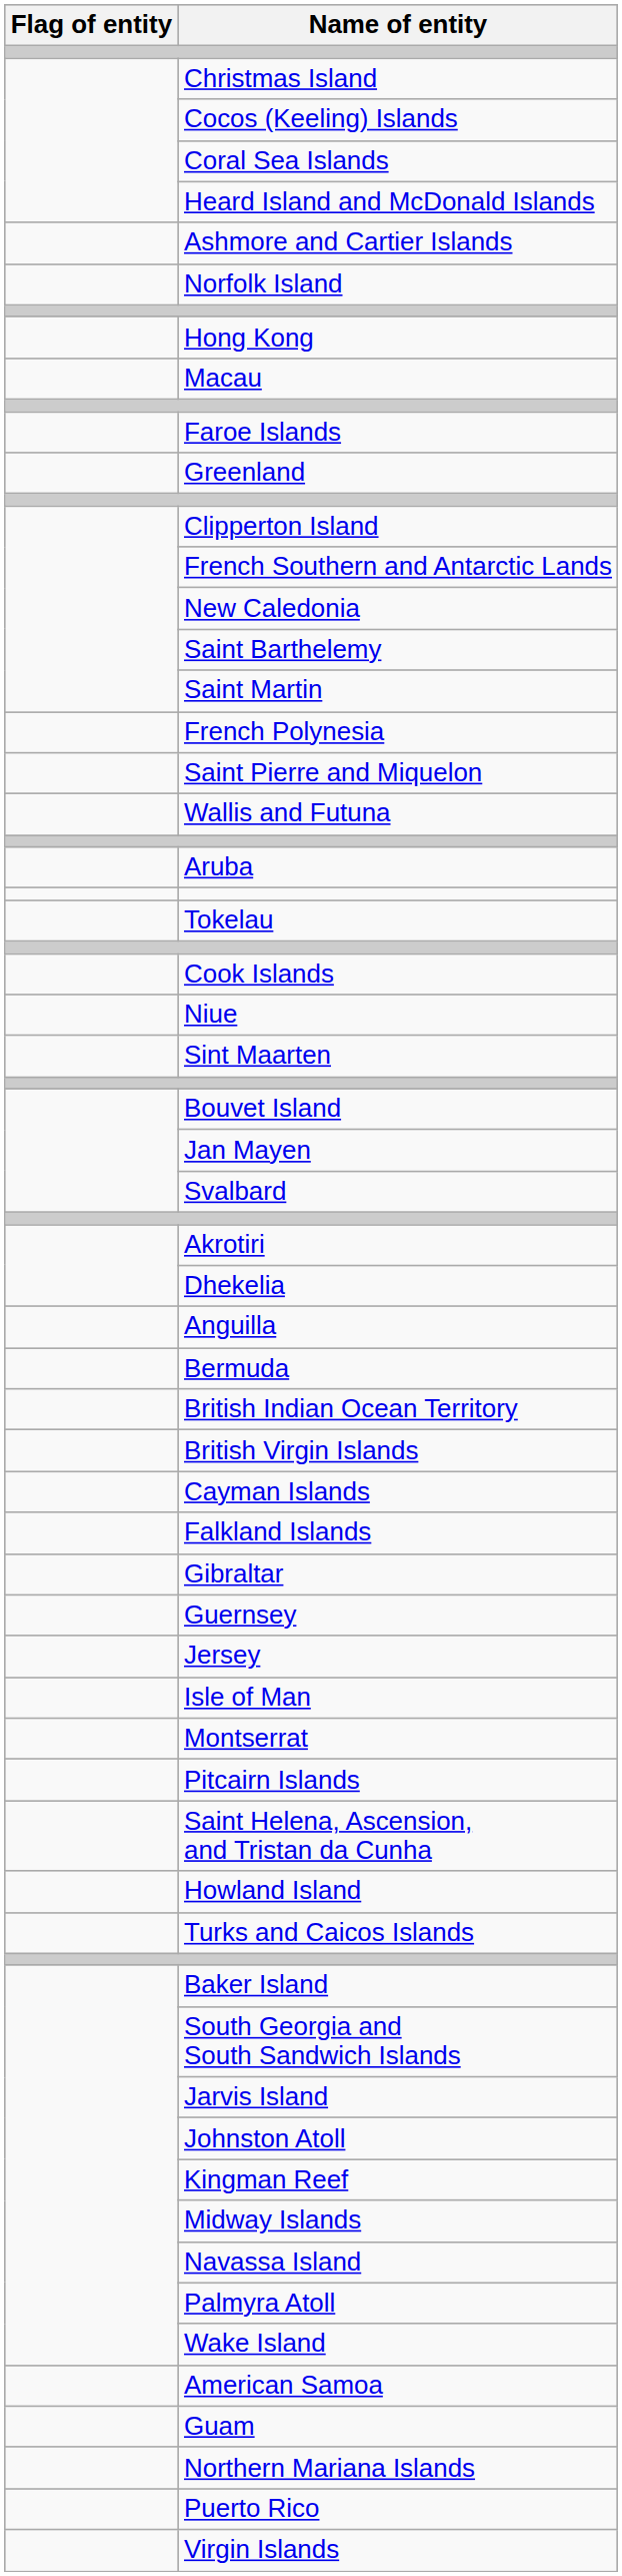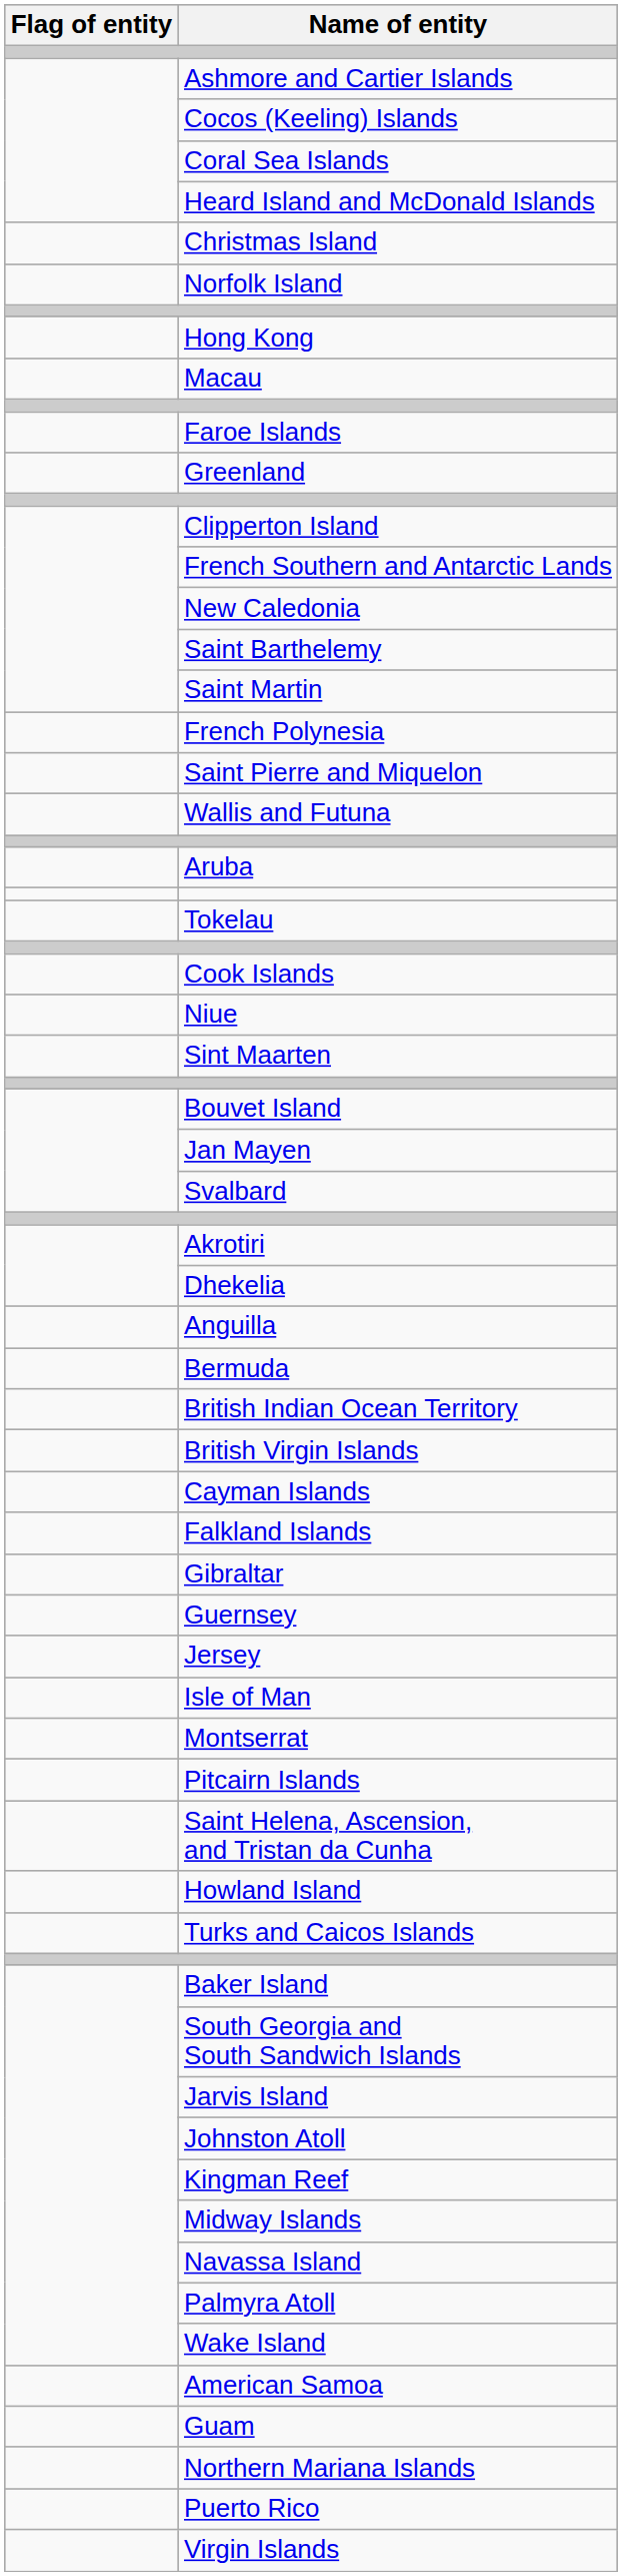 <table class="wikitable">
 <tr>
 <th>Flag of entity</th>
 <th>Name of entity</th>
 </tr>
 <tr>
 <td colspan=2 bgcolor="#cccccc"></td>
 </tr>
 <tr>
 <td rowspan=4></td>
-<td><a href='#'>Christmas Island</a></td>
+<td><a href='#'>Ashmore and Cartier Islands</a></td>
 </tr>
 <tr>
 <td><a href='#'>Cocos (Keeling) Islands</a></td>
 </tr>
 <tr>
 <td><a href='#'>Coral Sea Islands</a></td>
 </tr>
 <tr>
 <td><a href='#'>Heard Island and McDonald Islands</a></td>
 </tr>
 <tr>
 <td></td>
-<td><a href='#'>Ashmore and Cartier Islands</a></td>
+<td><a href='#'>Christmas Island</a></td>
 </tr>
 <tr>
 <td></td>
 <td><a href='#'>Norfolk Island</a></td>
 </tr>
 <tr>
 <td colspan=2 bgcolor="#cccccc"></td>
 </tr>
 <tr>
 <td></td>
 <td><a href='#'>Hong Kong</a></td>
 </tr>
 <tr>
 <td></td>
 <td><a href='#'>Macau</a></td>
 </tr>
 <tr>
 <td colspan=2 bgcolor="#cccccc"></td>
 </tr>
 <tr>
 <td></td>
 <td><a href='#'>Faroe Islands</a></td>
 </tr>
 <tr>
 <td></td>
 <td><a href='#'>Greenland</a></td>
 </tr>
 <tr>
 <td colspan=2 bgcolor="#cccccc"></td>
 </tr>
 <tr>
 <td rowspan=5></td>
 <td><a href='#'>Clipperton Island</a></td>
 </tr>
 <tr>
 <td><a href='#'>French Southern and Antarctic Lands</a></td>
 </tr>
 <tr>
 <td><a href='#'>New Caledonia</a></td>
 </tr>
 <tr>
 <td><a href='#'>Saint Barthelemy</a></td>
 </tr>
 <tr>
 <td><a href='#'>Saint Martin</a></td>
 </tr>
 <tr>
 <td></td>
 <td><a href='#'>French Polynesia</a></td>
 </tr>
 <tr>
 <td></td>
 <td><a href='#'>Saint Pierre and Miquelon</a></td>
 </tr>
 <tr>
 <td></td>
 <td><a href='#'>Wallis and Futuna</a></td>
 </tr>
 <tr>
 <td colspan=2 bgcolor="#cccccc"></td>
 </tr>
 <tr>
 <td></td>
 <td><a href='#'>Aruba</a></td>
 </tr>
 <tr>
 <td></td>
 <td><a href='#'></a></td>
 </tr>
 <tr>
 <td></td>
 <td><a href='#'>Tokelau</a></td>
 </tr>
 <tr>
 <td colspan=2 bgcolor="#cccccc"></td>
 </tr>
 <tr>
 <td></td>
 <td><a href='#'>Cook Islands</a></td>
 </tr>
 <tr>
 <td></td>
 <td><a href='#'>Niue</a></td>
 </tr>
 <tr>
 <td></td>
 <td><a href='#'>Sint Maarten</a></td>
 </tr>
 <tr>
 <td colspan=2 bgcolor="#cccccc"></td>
 </tr>
 <tr>
 <td rowspan=3></td>
 <td><a href='#'>Bouvet Island</a></td>
 </tr>
 <tr>
 <td><a href='#'>Jan Mayen</a></td>
 </tr>
 <tr>
 <td><a href='#'>Svalbard</a></td>
 </tr>
 <tr>
 <td colspan=2 bgcolor="#cccccc"></td>
 </tr>
 <tr>
 <td rowspan=2></td>
 <td><a href='#'>Akrotiri</a></td>
 </tr>
 <tr>
 <td><a href='#'>Dhekelia</a></td>
 </tr>
 <tr>
 <td></td>
 <td><a href='#'>Anguilla</a></td>
 </tr>
 <tr>
 <td></td>
 <td><a href='#'>Bermuda</a></td>
 </tr>
 <tr>
 <td></td>
 <td><a href='#'>British Indian Ocean Territory</a></td>
 </tr>
 <tr>
 <td></td>
 <td><a href='#'>British Virgin Islands</a></td>
 </tr>
 <tr>
 <td></td>
 <td><a href='#'>Cayman Islands</a></td>
 </tr>
 <tr>
 <td></td>
 <td><a href='#'>Falkland Islands</a></td>
 </tr>
 <tr>
 <td></td>
 <td><a href='#'>Gibraltar</a></td>
 </tr>
 <tr>
 <td></td>
 <td><a href='#'>Guernsey</a></td>
 </tr>
 <tr>
 <td></td>
 <td><a href='#'>Jersey</a></td>
 </tr>
 <tr>
 <td></td>
 <td><a href='#'>Isle of Man</a></td>
 </tr>
 <tr>
 <td></td>
 <td><a href='#'>Montserrat</a></td>
 </tr>
 <tr>
 <td></td>
 <td><a href='#'>Pitcairn Islands</a></td>
 </tr>
 <tr>
 <td></td>
 <td><a href='#'>Saint Helena, Ascension,<br>and Tristan da Cunha</a></td>
 </tr>
 <tr>
 <td></td>
 <td><a href='#'>Howland Island</a></td>
 </tr>
 <tr>
 <td></td>
 <td><a href='#'>Turks and Caicos Islands</a></td>
 </tr>
 <tr>
 <td colspan=2 bgcolor="#cccccc"></td>
 </tr>
 <tr>
 <td rowspan=9></td>
 <td><a href='#'>Baker Island</a></td>
 </tr>
 <tr>
 <td><a href='#'>South Georgia and<br>South Sandwich Islands</a></td>
 </tr>
 <tr>
 <td><a href='#'>Jarvis Island</a></td>
 </tr>
 <tr>
 <td><a href='#'>Johnston Atoll</a></td>
 </tr>
 <tr>
 <td><a href='#'>Kingman Reef</a></td>
 </tr>
 <tr>
 <td><a href='#'>Midway Islands</a></td>
 </tr>
 <tr>
 <td><a href='#'>Navassa Island</a></td>
 </tr>
 <tr>
 <td><a href='#'>Palmyra Atoll</a></td>
 </tr>
 <tr>
 <td><a href='#'>Wake Island</a></td>
 </tr>
 <tr>
 <td></td>
 <td><a href='#'>American Samoa</a></td>
 </tr>
 <tr>
 <td></td>
 <td><a href='#'>Guam</a></td>
 </tr>
 <tr>
 <td></td>
 <td><a href='#'>Northern Mariana Islands</a></td>
 </tr>
 <tr>
 <td></td>
 <td><a href='#'>Puerto Rico</a></td>
 </tr>
 <tr>
 <td></td>
 <td><a href='#'>Virgin Islands</a></td>
 </tr>
 </table>
